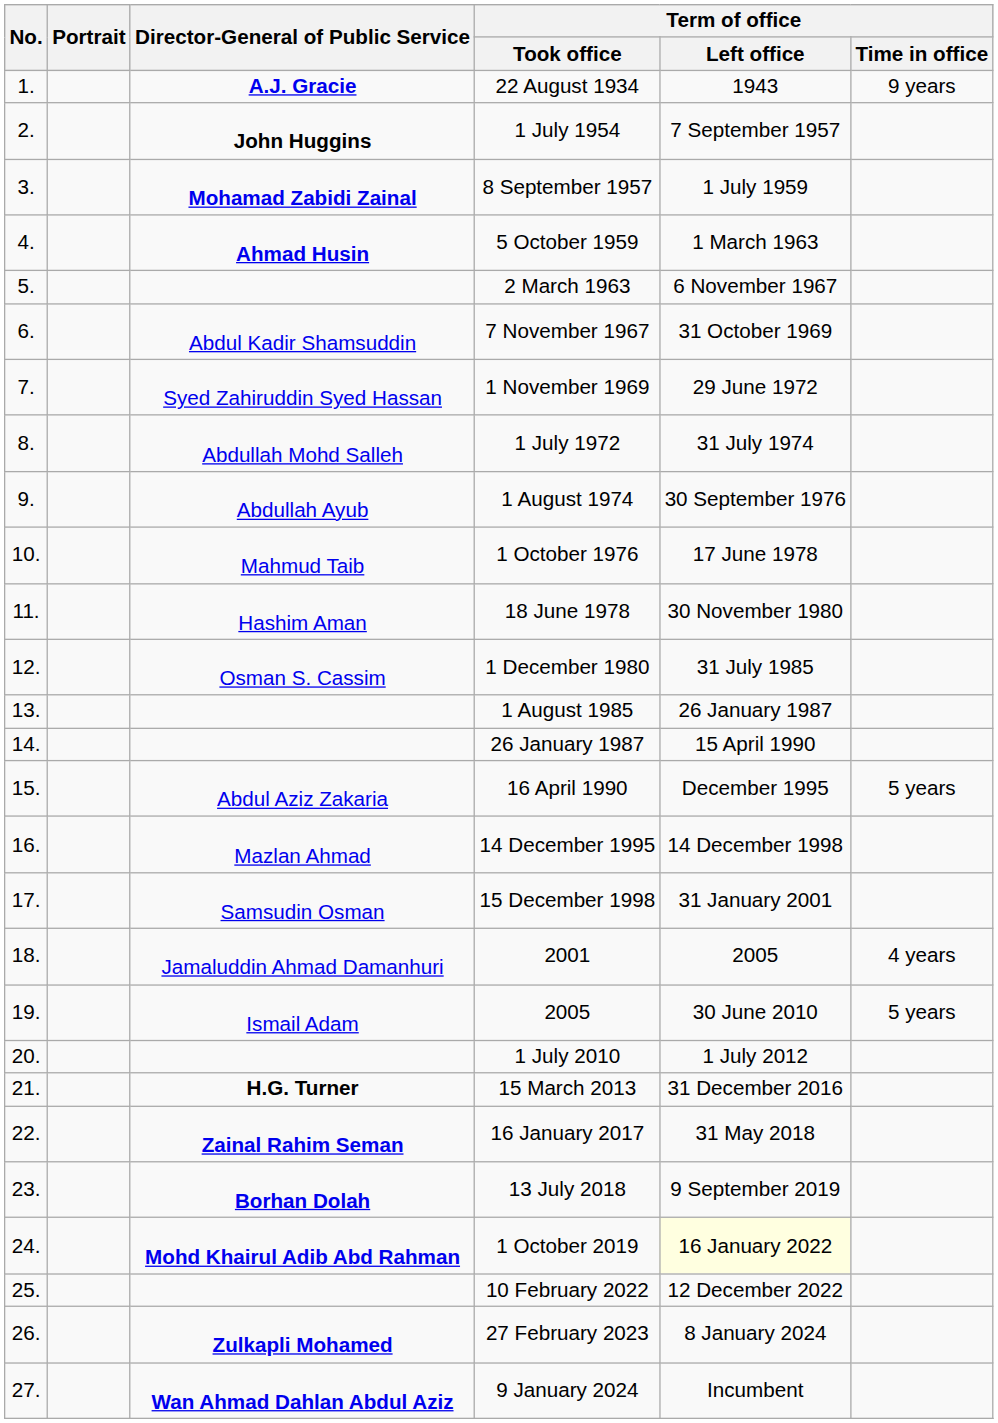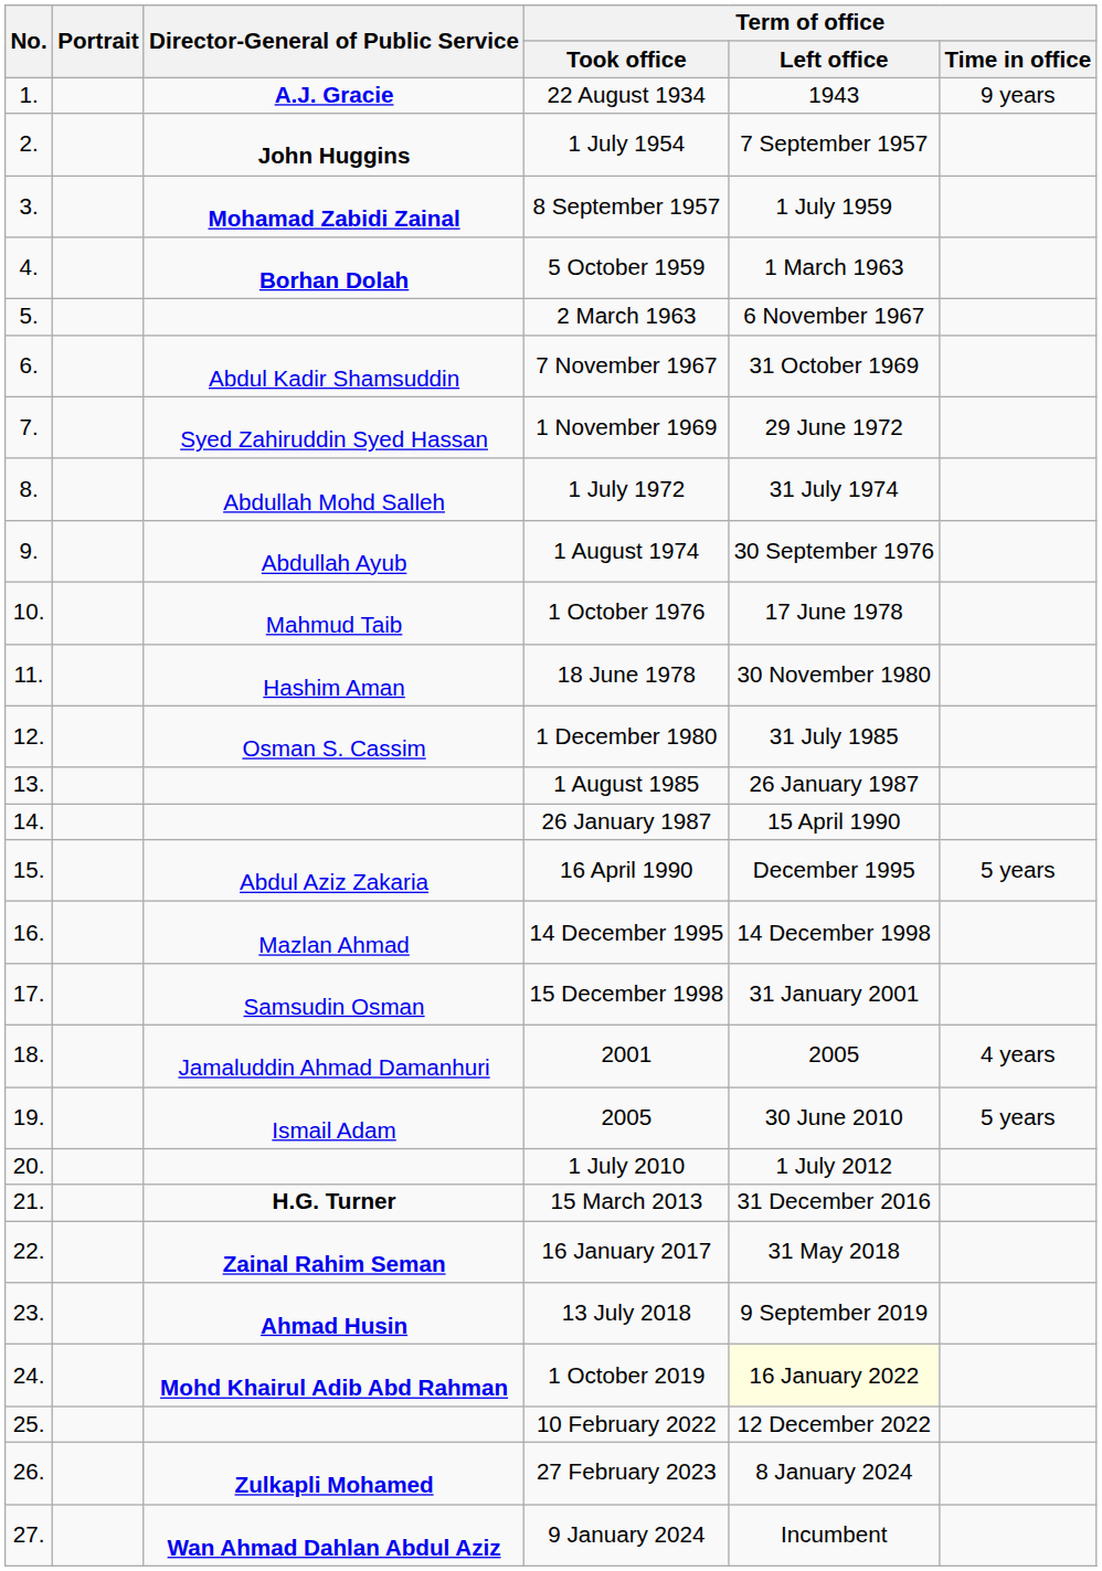 <table class="wikitable" style="text-align:center;">
 <tr style="background:#cccccc">
 <th rowspan=2>No.</th>
 <th rowspan=2>Portrait</th>
 <th rowspan=2>Director-General of Public Service</th>
 <th colspan=3>Term of office</th>
 </tr>
 <tr>
 <th>Took office</th>
 <th>Left office</th>
 <th>Time in office</th>
 </tr>
 <tr>
 <td>1.</td>
 <td></td>
 <td><strong><a href='#'>A.J. Gracie</a></strong></td>
 <td>22 August 1934</td>
 <td>1943</td>
 <td>9 years</td>
 </tr>
 <tr>
 <td>2.</td>
 <td></td>
 <td><br><strong>John Huggins</strong></td>
 <td>1 July 1954</td>
 <td>7 September 1957</td>
 <td></td>
 </tr>
 <tr>
 <td>3.</td>
 <td></td>
 <td><br><strong><a href='#'>Mohamad Zabidi Zainal</a></strong></td>
 <td>8 September 1957</td>
 <td>1 July 1959</td>
 <td></td>
 </tr>
 <tr>
 <td>4.</td>
 <td></td>
-<td><br><strong><a href='#'>Ahmad Husin</a></strong></td>
+<td><br><strong><a href='#'>Borhan Dolah</a></strong></td>
 <td>5 October 1959</td>
 <td>1 March 1963</td>
 <td></td>
 </tr>
 <tr>
 <td>5.</td>
 <td></td>
 <td><br></td>
 <td>2 March 1963</td>
 <td>6 November 1967</td>
 <td></td>
 </tr>
 <tr>
 <td>6.</td>
 <td></td>
 <td><br><a href='#'>Abdul Kadir Shamsuddin</a></td>
 <td>7 November 1967</td>
 <td>31 October 1969</td>
 <td></td>
 </tr>
 <tr>
 <td>7.</td>
 <td></td>
 <td><br><a href='#'>Syed Zahiruddin Syed Hassan</a></td>
 <td>1 November 1969</td>
 <td>29 June 1972</td>
 <td></td>
 </tr>
 <tr>
 <td>8.</td>
 <td></td>
 <td><br><a href='#'>Abdullah Mohd Salleh</a></td>
 <td>1 July 1972</td>
 <td>31 July 1974</td>
 <td></td>
 </tr>
 <tr>
 <td>9.</td>
 <td></td>
 <td><br><a href='#'>Abdullah Ayub</a></td>
 <td>1 August 1974</td>
 <td>30 September 1976</td>
 <td></td>
 </tr>
 <tr>
 <td>10.</td>
 <td></td>
 <td><br><a href='#'>Mahmud Taib</a></td>
 <td>1 October 1976</td>
 <td>17 June 1978</td>
 <td></td>
 </tr>
 <tr>
 <td>11.</td>
 <td></td>
 <td><br><a href='#'>Hashim Aman</a></td>
 <td>18 June 1978</td>
 <td>30 November 1980</td>
 <td></td>
 </tr>
 <tr>
 <td>12.</td>
 <td></td>
 <td><br><a href='#'>Osman S. Cassim</a></td>
 <td>1 December 1980</td>
 <td>31 July 1985</td>
 <td></td>
 </tr>
 <tr>
 <td>13.</td>
 <td></td>
 <td><br></td>
 <td>1 August 1985</td>
 <td>26 January 1987</td>
 <td></td>
 </tr>
 <tr>
 <td>14.</td>
 <td></td>
 <td><br></td>
 <td>26 January 1987</td>
 <td>15 April 1990</td>
 <td></td>
 </tr>
 <tr>
 <td>15.</td>
 <td></td>
 <td><br><a href='#'>Abdul Aziz Zakaria</a></td>
 <td>16 April 1990</td>
 <td>December 1995</td>
 <td>5 years</td>
 </tr>
 <tr>
 <td>16.</td>
 <td></td>
 <td><br><a href='#'>Mazlan Ahmad</a></td>
 <td>14 December 1995</td>
 <td>14 December 1998</td>
 <td></td>
 </tr>
 <tr>
 <td>17.</td>
 <td></td>
 <td><br><a href='#'>Samsudin Osman</a></td>
 <td>15 December 1998</td>
 <td>31 January 2001</td>
 <td></td>
 </tr>
 <tr>
 <td>18.</td>
 <td></td>
 <td><br><a href='#'>Jamaluddin Ahmad Damanhuri</a></td>
 <td>2001</td>
 <td>2005</td>
 <td>4 years</td>
 </tr>
 <tr>
 <td>19.</td>
 <td></td>
 <td><br><a href='#'>Ismail Adam</a></td>
 <td>2005</td>
 <td>30 June 2010</td>
 <td>5 years</td>
 </tr>
 <tr>
 <td>20.</td>
 <td></td>
 <td><br></td>
 <td>1 July 2010</td>
 <td>1 July 2012</td>
 <td></td>
 </tr>
 <tr>
 <td>21.</td>
 <td></td>
 <td><strong>H.G. Turner</strong></td>
 <td>15 March 2013</td>
 <td>31 December 2016</td>
 <td></td>
 </tr>
 <tr>
 <td>22.</td>
 <td></td>
 <td><br><strong><a href='#'>Zainal Rahim Seman</a></strong></td>
 <td>16 January 2017</td>
 <td>31 May 2018</td>
 <td></td>
 </tr>
 <tr>
 <td>23.</td>
 <td></td>
-<td><br><strong><a href='#'>Borhan Dolah</a></strong></td>
+<td><br><strong><a href='#'>Ahmad Husin</a></strong></td>
 <td>13 July 2018</td>
 <td>9 September 2019</td>
 <td></td>
 </tr>
 <tr>
 <td>24.</td>
 <td></td>
 <td><br><strong><a href='#'>Mohd Khairul Adib Abd Rahman</a></strong></td>
 <td>1 October 2019</td>
 <td style="background: lightyellow;">16 January 2022</td>
 <td></td>
 </tr>
 <tr>
 <td>25.</td>
 <td></td>
 <td><br><strong></strong></td>
 <td>10 February 2022</td>
 <td>12 December 2022</td>
 <td></td>
 </tr>
 <tr>
 <td>26.</td>
 <td></td>
 <td><br><strong><a href='#'>Zulkapli Mohamed</a></strong><br></td>
 <td>27 February 2023</td>
 <td>8 January 2024</td>
 <td></td>
 </tr>
 <tr>
 <td>27.</td>
 <td></td>
 <td><br><strong><a href='#'>Wan Ahmad Dahlan Abdul Aziz</a></strong><br></td>
 <td>9 January 2024</td>
 <td>Incumbent</td>
 <td></td>
 </tr>
 <tr>
 </tr>
 </table>
